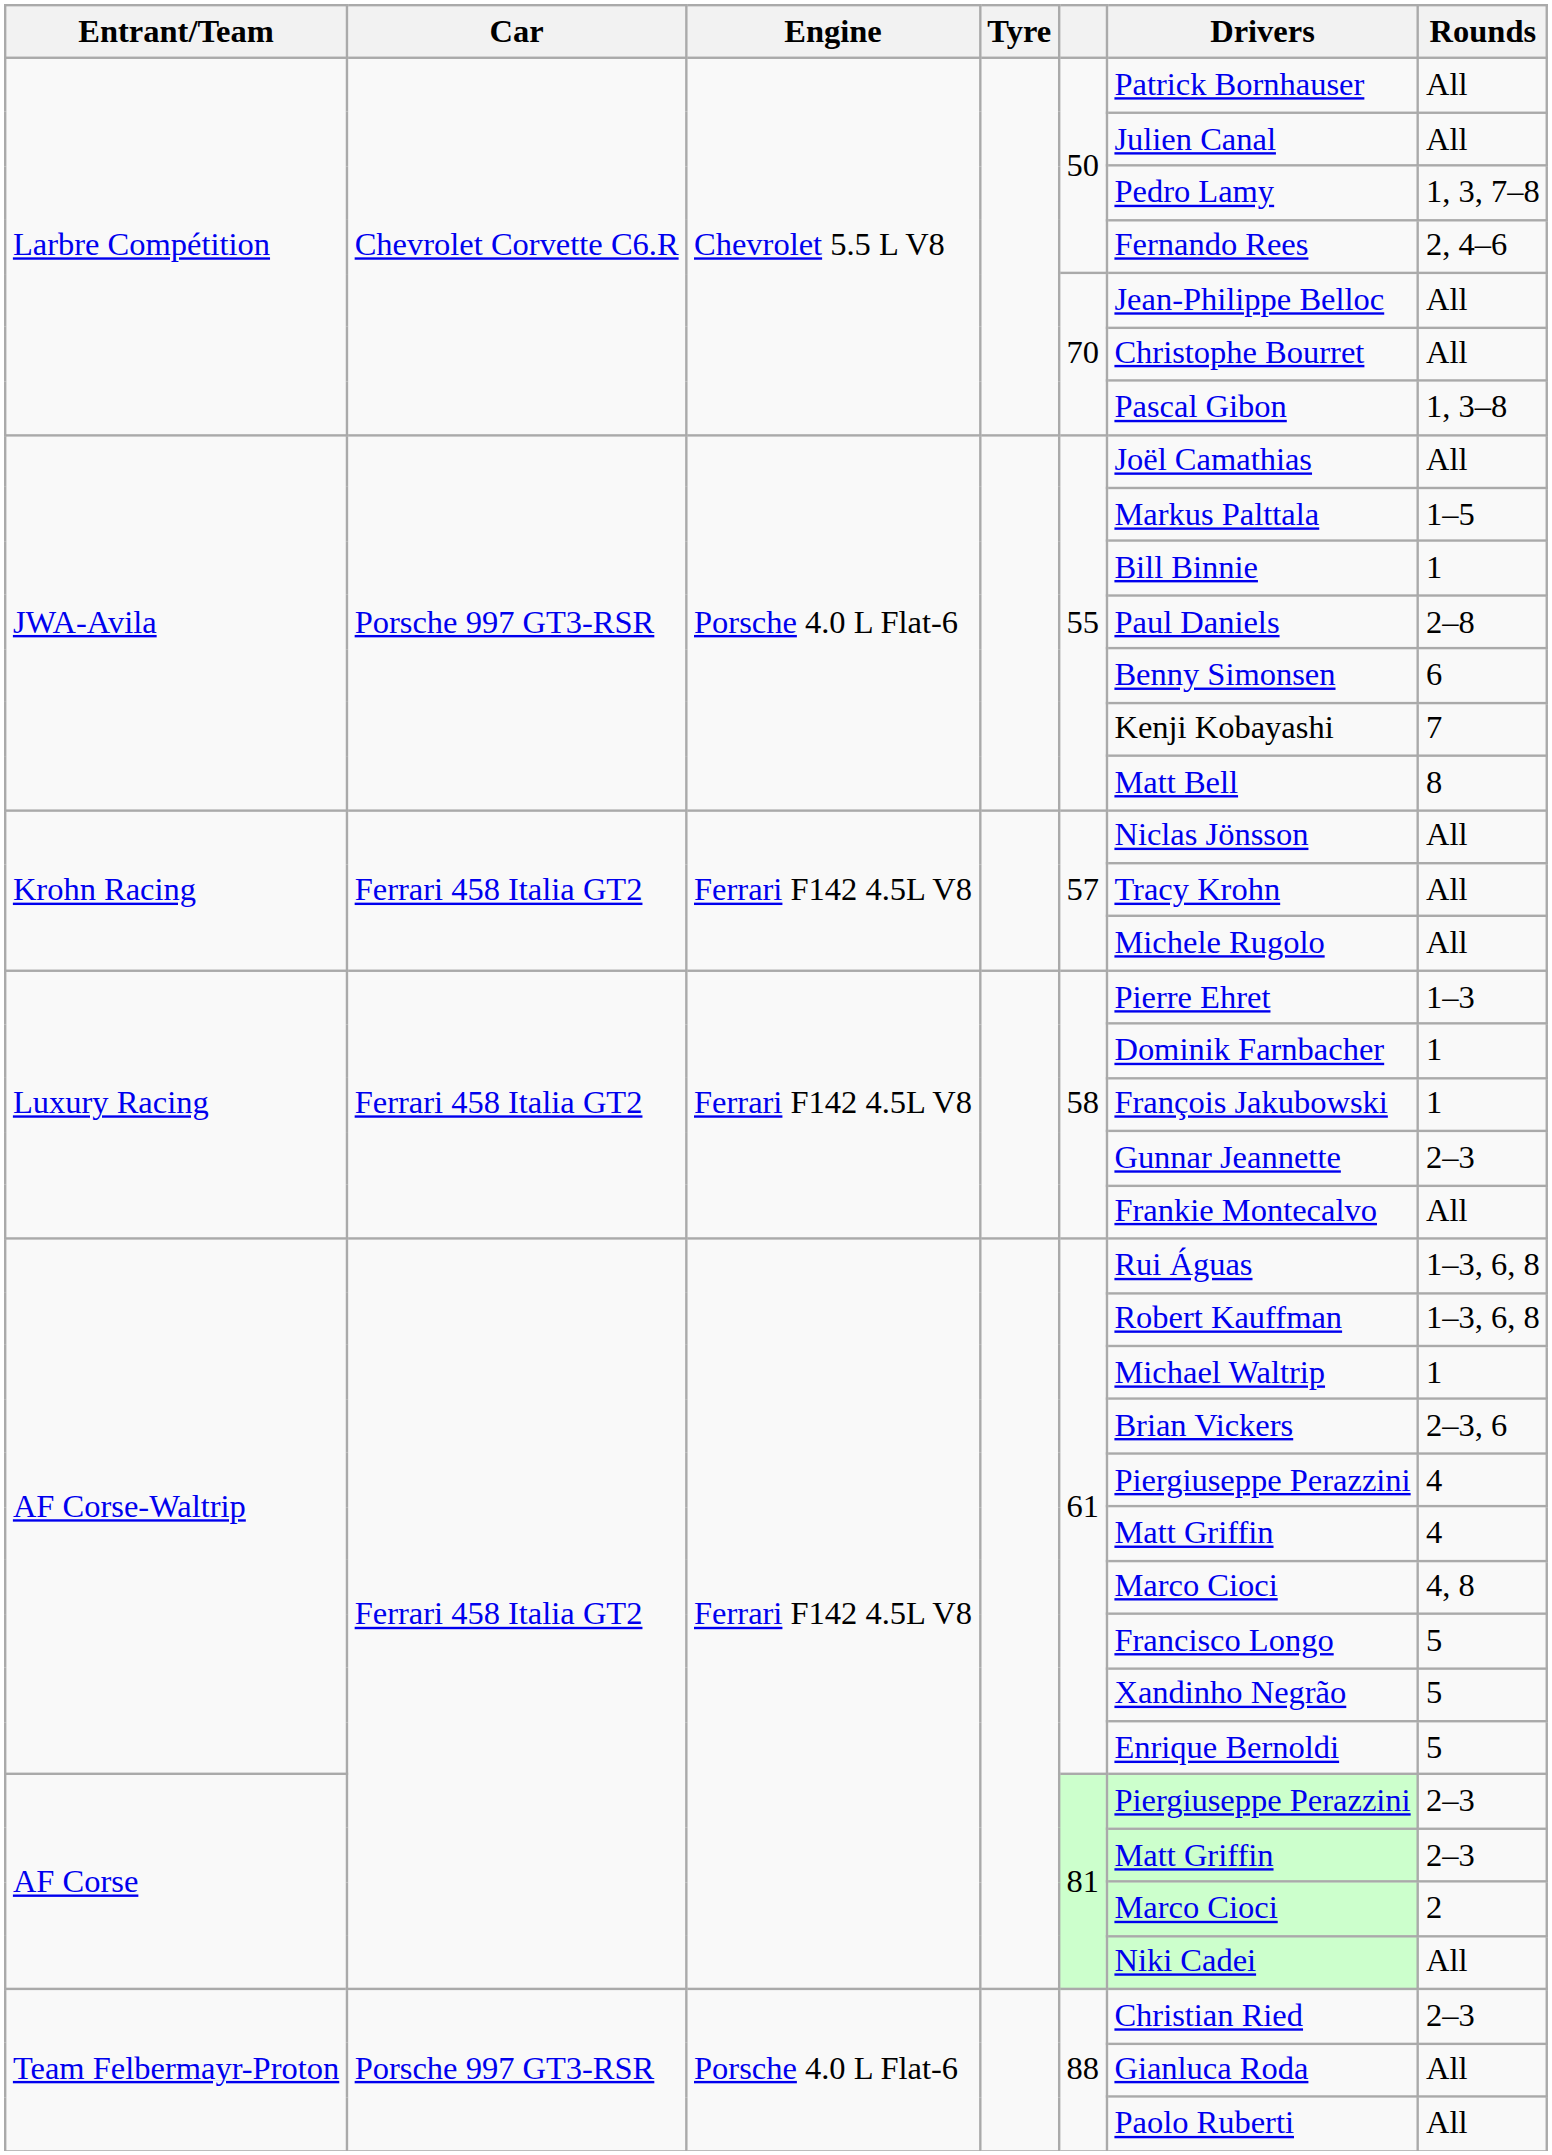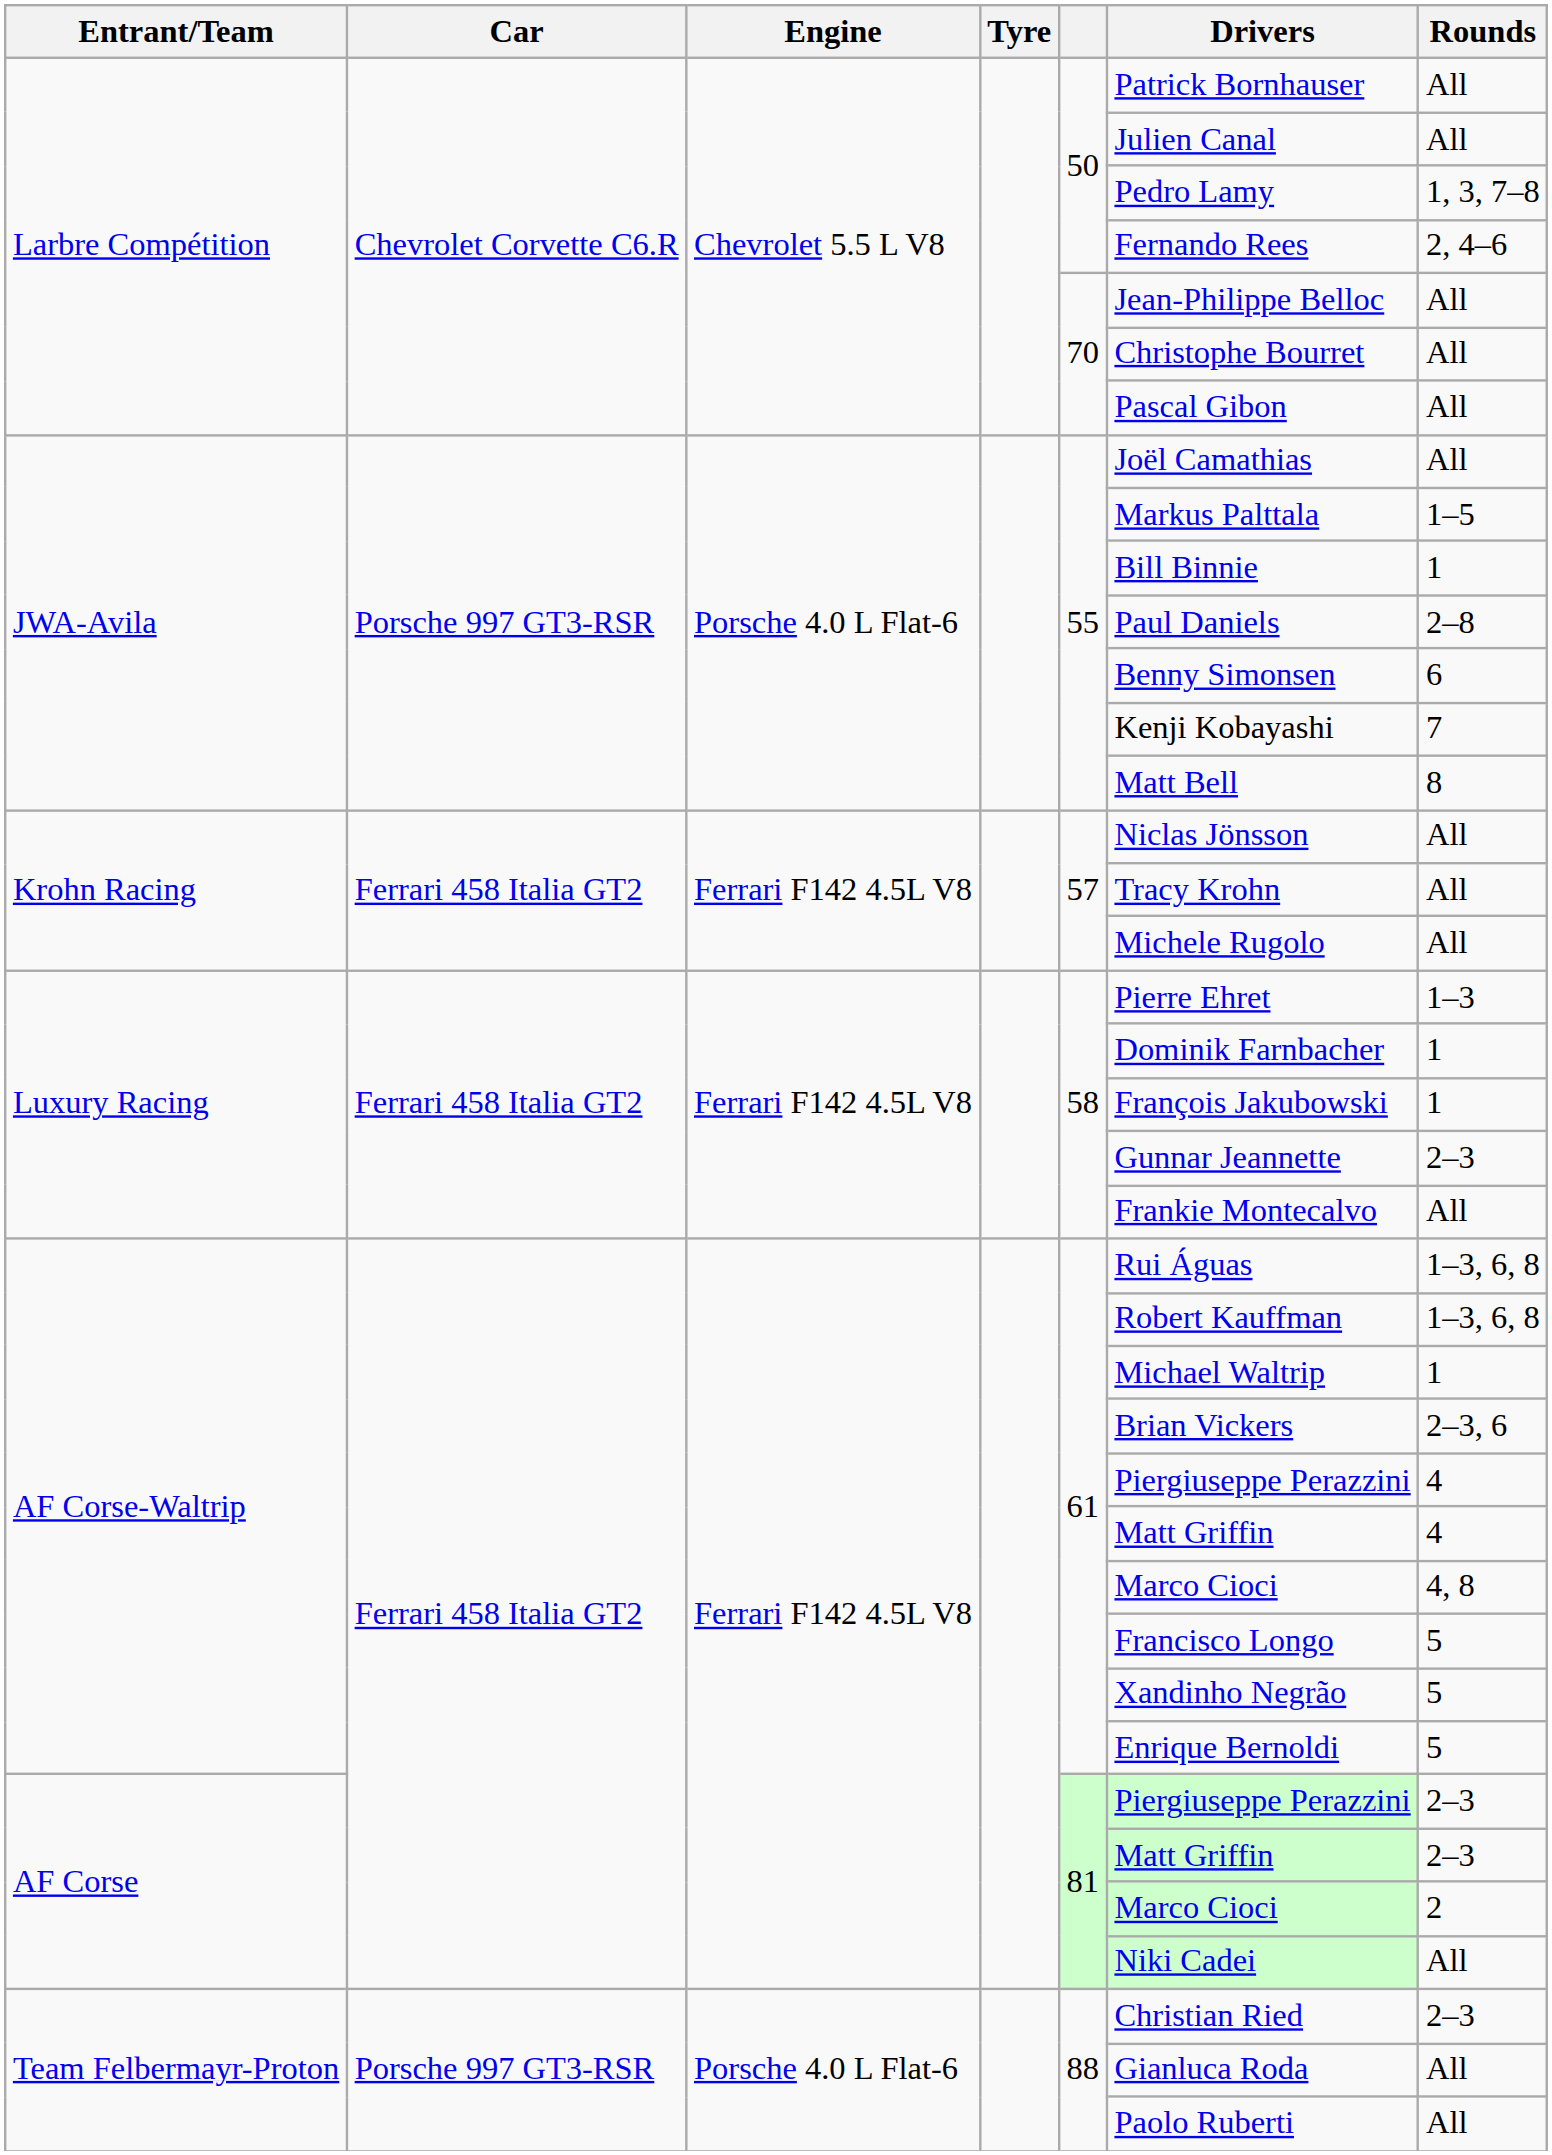 <table class="wikitable" style="font-size: 85%">
 <tr>
 <th>Entrant/Team</th>
 <th>Car</th>
 <th>Engine</th>
 <th>Tyre</th>
 <th></th>
 <th>Drivers</th>
 <th>Rounds</th>
 </tr>
 <tr>
 <td rowspan=7> <a href='#'>Larbre Compétition</a></td>
 <td rowspan=7><a href='#'>Chevrolet Corvette C6.R</a></td>
 <td rowspan=7><a href='#'>Chevrolet</a> 5.5 L V8</td>
 <td rowspan=7></td>
 <td rowspan=4>50</td>
 <td> <a href='#'>Patrick Bornhauser</a></td>
 <td>All</td>
 </tr>
 <tr>
 <td> <a href='#'>Julien Canal</a></td>
 <td>All</td>
 </tr>
 <tr>
 <td> <a href='#'>Pedro Lamy</a></td>
 <td>1, 3, 7–8</td>
 </tr>
 <tr>
 <td> <a href='#'>Fernando Rees</a></td>
 <td>2, 4–6</td>
 </tr>
 <tr>
 <td rowspan=3>70</td>
 <td> <a href='#'>Jean-Philippe Belloc</a></td>
 <td>All</td>
 </tr>
 <tr>
 <td> <a href='#'>Christophe Bourret</a></td>
 <td>All</td>
 </tr>
 <tr>
 <td> <a href='#'>Pascal Gibon</a></td>
-<td>1, 3–8</td>
+<td>All</td>
 </tr>
 <tr>
 <td rowspan=7> <a href='#'>JWA-Avila</a></td>
 <td rowspan=7><a href='#'>Porsche 997 GT3-RSR</a></td>
 <td rowspan=7><a href='#'>Porsche</a> 4.0 L Flat-6</td>
 <td rowspan=7><br></td>
 <td rowspan=7>55</td>
 <td> <a href='#'>Joël Camathias</a></td>
 <td>All</td>
 </tr>
 <tr>
 <td> <a href='#'>Markus Palttala</a></td>
 <td>1–5</td>
 </tr>
 <tr>
 <td> <a href='#'>Bill Binnie</a></td>
 <td>1</td>
 </tr>
 <tr>
 <td> <a href='#'>Paul Daniels</a></td>
 <td>2–8</td>
 </tr>
 <tr>
 <td> <a href='#'>Benny Simonsen</a></td>
 <td>6</td>
 </tr>
 <tr>
 <td> Kenji Kobayashi</td>
 <td>7</td>
 </tr>
 <tr>
 <td> <a href='#'>Matt Bell</a></td>
 <td>8</td>
 </tr>
 <tr>
 <td rowspan=3> <a href='#'>Krohn Racing</a></td>
 <td rowspan=3><a href='#'>Ferrari 458 Italia GT2</a></td>
 <td rowspan=3><a href='#'>Ferrari</a> F142 4.5L V8</td>
 <td rowspan=3><br></td>
 <td rowspan=3>57</td>
 <td> <a href='#'>Niclas Jönsson</a></td>
 <td>All</td>
 </tr>
 <tr>
 <td> <a href='#'>Tracy Krohn</a></td>
 <td>All</td>
 </tr>
 <tr>
 <td> <a href='#'>Michele Rugolo</a></td>
 <td>All</td>
 </tr>
 <tr>
 <td rowspan=5> <a href='#'>Luxury Racing</a></td>
 <td rowspan=5><a href='#'>Ferrari 458 Italia GT2</a></td>
 <td rowspan=5><a href='#'>Ferrari</a> F142 4.5L V8</td>
 <td rowspan=5></td>
 <td rowspan=5>58</td>
 <td> <a href='#'>Pierre Ehret</a></td>
 <td>1–3</td>
 </tr>
 <tr>
 <td> <a href='#'>Dominik Farnbacher</a></td>
 <td>1</td>
 </tr>
 <tr>
 <td> <a href='#'>François Jakubowski</a></td>
 <td>1</td>
 </tr>
 <tr>
 <td> <a href='#'>Gunnar Jeannette</a></td>
 <td>2–3</td>
 </tr>
 <tr>
 <td> <a href='#'>Frankie Montecalvo</a></td>
 <td>All</td>
 </tr>
 <tr>
 <td rowspan=10> <a href='#'>AF Corse-Waltrip</a></td>
 <td rowspan=14><a href='#'>Ferrari 458 Italia GT2</a></td>
 <td rowspan=14><a href='#'>Ferrari</a> F142 4.5L V8</td>
 <td rowspan=14></td>
 <td rowspan=10>61</td>
 <td> <a href='#'>Rui Águas</a></td>
 <td>1–3, 6, 8</td>
 </tr>
 <tr>
 <td> <a href='#'>Robert Kauffman</a></td>
 <td>1–3, 6, 8</td>
 </tr>
 <tr>
 <td> <a href='#'>Michael Waltrip</a></td>
 <td>1</td>
 </tr>
 <tr>
 <td> <a href='#'>Brian Vickers</a></td>
 <td>2–3, 6</td>
 </tr>
 <tr>
 <td> <a href='#'>Piergiuseppe Perazzini</a></td>
 <td>4</td>
 </tr>
 <tr>
 <td> <a href='#'>Matt Griffin</a></td>
 <td>4</td>
 </tr>
 <tr>
 <td> <a href='#'>Marco Cioci</a></td>
 <td>4, 8</td>
 </tr>
 <tr>
 <td> <a href='#'>Francisco Longo</a></td>
 <td>5</td>
 </tr>
 <tr>
 <td> <a href='#'>Xandinho Negrão</a></td>
 <td>5</td>
 </tr>
 <tr>
 <td> <a href='#'>Enrique Bernoldi</a></td>
 <td>5</td>
 </tr>
 <tr>
 <td rowspan=4> <a href='#'>AF Corse</a></td>
 <td rowspan=4 style="background:#ccffcc;">81</td>
 <td style="background:#ccffcc;"> <a href='#'>Piergiuseppe Perazzini</a></td>
 <td>2–3</td>
 </tr>
 <tr>
 <td style="background:#ccffcc;"> <a href='#'>Matt Griffin</a></td>
 <td>2–3</td>
 </tr>
 <tr>
 <td style="background:#ccffcc;"> <a href='#'>Marco Cioci</a></td>
 <td>2</td>
 </tr>
 <tr>
 <td style="background:#ccffcc;"> <a href='#'>Niki Cadei</a></td>
 <td>All</td>
 </tr>
 <tr>
 <td rowspan=3> <a href='#'>Team Felbermayr-Proton</a></td>
 <td rowspan=3><a href='#'>Porsche 997 GT3-RSR</a></td>
 <td rowspan=3><a href='#'>Porsche</a> 4.0 L Flat-6</td>
 <td rowspan=3></td>
 <td rowspan=3>88</td>
 <td> <a href='#'>Christian Ried</a></td>
 <td>2–3</td>
 </tr>
 <tr>
 <td> <a href='#'>Gianluca Roda</a></td>
 <td>All</td>
 </tr>
 <tr>
 <td> <a href='#'>Paolo Ruberti</a></td>
 <td>All</td>
 </tr>
 </table>
